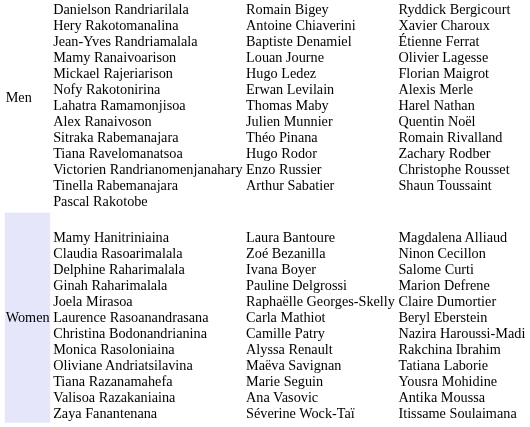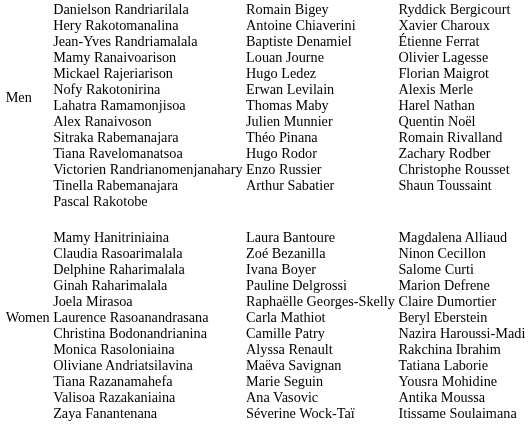 <table>
 <tr>
 <td>Men</td>
 <td nowrap><br>Danielson Randriarilala<br>Hery Rakotomanalina<br>Jean-Yves Randriamalala<br>Mamy Ranaivoarison<br>Mickael Rajeriarison<br>Nofy Rakotonirina<br>Lahatra Ramamonjisoa<br>Alex Ranaivoson<br>Sitraka Rabemanajara<br>Tiana Ravelomanatsoa<br>Victorien Randrianomenjanahary<br>Tinella Rabemanajara<br>Pascal Rakotobe</td>
 <td valign=top><br>Romain Bigey<br>Antoine Chiaverini<br>Baptiste Denamiel<br>Louan Journe<br>Hugo Ledez<br>Erwan Levilain<br>Thomas Maby<br>Julien Munnier<br>Théo Pinana<br>Hugo Rodor<br>Enzo Russier<br>Arthur Sabatier</td>
 <td valign=top><br>Ryddick Bergicourt<br>Xavier Charoux<br>Étienne Ferrat<br>Olivier Lagesse<br>Florian Maigrot<br>Alexis Merle<br>Harel Nathan<br>Quentin Noël<br>Romain Rivalland<br>Zachary Rodber<br>Christophe Rousset<br>Shaun Toussaint</td>
 </tr>
 <tr>
-<td style="background: lavender;">Women</td>
+<td>Women</td>
 <td><br>Mamy Hanitriniaina<br>Claudia Rasoarimalala<br>Delphine Raharimalala<br>Ginah Raharimalala<br>Joela Mirasoa<br>Laurence Rasoanandrasana<br>Christina Bodonandrianina<br>Monica Rasoloniaina<br>Oliviane Andriatsilavina<br>Tiana Razanamahefa<br>Valisoa Razakaniaina<br>Zaya Fanantenana</td>
 <td nowrap><br>Laura Bantoure<br>Zoé Bezanilla<br>Ivana Boyer<br>Pauline Delgrossi<br>Raphaëlle Georges-Skelly<br>Carla Mathiot<br>Camille Patry<br>Alyssa Renault<br>Maëva Savignan<br>Marie Seguin<br>Ana Vasovic<br>Séverine Wock-Taï</td>
 <td nowrap><br>Magdalena Alliaud<br>Ninon Cecillon<br>Salome Curti<br>Marion Defrene<br>Claire Dumortier<br>Beryl Eberstein<br>Nazira Haroussi-Madi<br>Rakchina Ibrahim<br>Tatiana Laborie<br>Yousra Mohidine<br>Antika Moussa<br>Itissame Soulaimana</td>
 </tr>
 </table>
